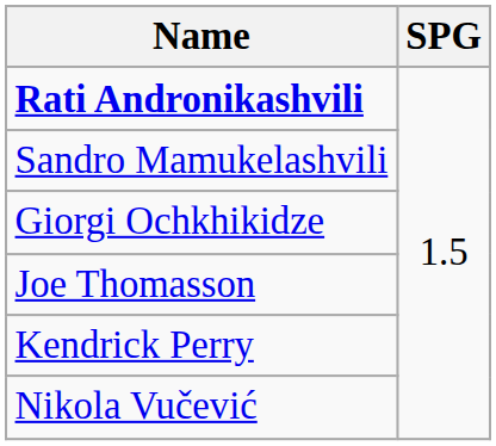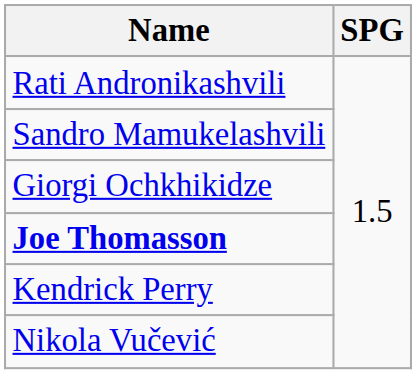 <table class=wikitable>
 <tr>
 <th>Name</th>
 <th>SPG</th>
 </tr>
 <tr>
-<td><strong> <a href='#'>Rati Andronikashvili</a></strong></td>
+<td> <a href='#'>Rati Andronikashvili</a></td>
 <td align=center rowspan=6>1.5</td>
 </tr>
 <tr>
 <td> <a href='#'>Sandro Mamukelashvili</a></td>
 </tr>
 <tr>
 <td> <a href='#'>Giorgi Ochkhikidze</a></td>
 </tr>
 <tr>
-<td> <a href='#'>Joe Thomasson</a></td>
+<td><strong> <a href='#'>Joe Thomasson</a></strong></td>
 </tr>
 <tr>
 <td> <a href='#'>Kendrick Perry</a></td>
 </tr>
 <tr>
 <td> <a href='#'>Nikola Vučević</a></td>
 </tr>
 </table>
